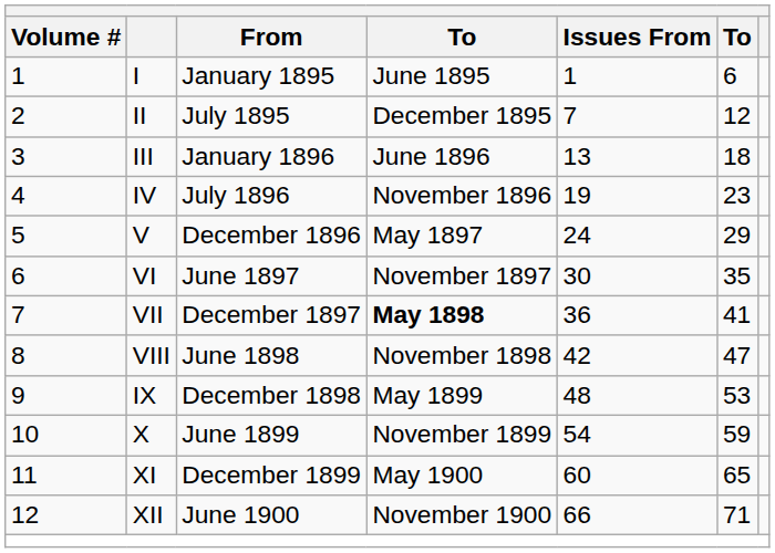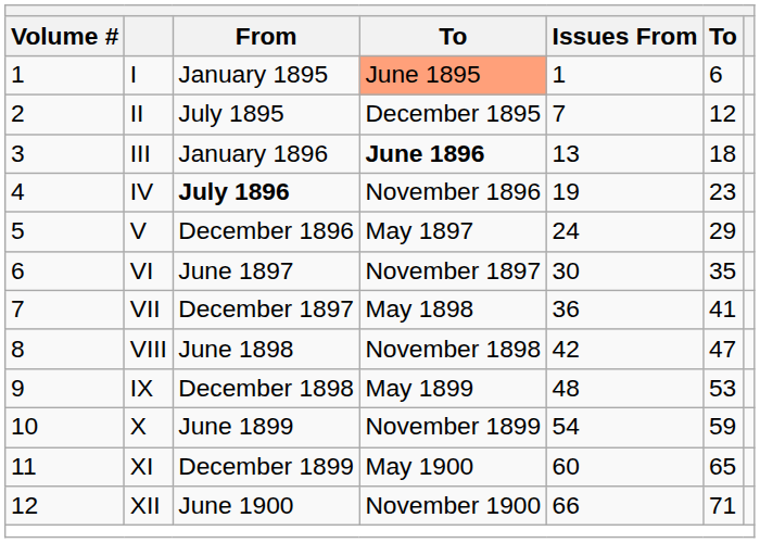 <table class="wikitable">
 <tr>
 <th colspan=7></th>
 </tr>
 <tr>
 <th>Volume #</th>
 <th></th>
 <th>From</th>
 <th>To</th>
 <th>Issues From</th>
 <th>To</th>
 <th></th>
 </tr>
 <tr>
 <td>1</td>
 <td>I</td>
 <td>January 1895</td>
-<td>June 1895</td>
+<td style="background: lightsalmon;">June 1895</td>
 <td>1</td>
 <td>6</td>
 <td></td>
 </tr>
 <tr>
 <td>2</td>
 <td>II</td>
 <td>July 1895</td>
 <td>December 1895</td>
 <td>7</td>
 <td>12</td>
 <td></td>
 </tr>
 <tr>
 <td>3</td>
 <td>III</td>
 <td>January 1896</td>
-<td>June 1896</td>
+<td><strong>June 1896</strong></td>
 <td>13</td>
 <td>18</td>
 <td></td>
 </tr>
 <tr>
 <td>4</td>
 <td>IV</td>
-<td>July 1896</td>
+<td><strong>July 1896</strong></td>
 <td>November 1896</td>
 <td>19</td>
 <td>23</td>
 <td></td>
 </tr>
 <tr>
 <td>5</td>
 <td>V</td>
 <td>December 1896</td>
 <td>May 1897</td>
 <td>24</td>
 <td>29</td>
 <td></td>
 </tr>
 <tr>
 <td>6</td>
 <td>VI</td>
 <td>June 1897</td>
 <td>November 1897</td>
 <td>30</td>
 <td>35</td>
 <td></td>
 </tr>
 <tr>
 <td>7</td>
 <td>VII</td>
 <td>December 1897</td>
-<td><strong>May 1898</strong></td>
+<td>May 1898</td>
 <td>36</td>
 <td>41</td>
 <td></td>
 </tr>
 <tr>
 <td>8</td>
 <td>VIII</td>
 <td>June 1898</td>
 <td>November 1898</td>
 <td>42</td>
 <td>47</td>
 <td></td>
 </tr>
 <tr>
 <td>9</td>
 <td>IX</td>
 <td>December 1898</td>
 <td>May 1899</td>
 <td>48</td>
 <td>53</td>
 <td></td>
 </tr>
 <tr>
 <td>10</td>
 <td>X</td>
 <td>June 1899</td>
 <td>November 1899</td>
 <td>54</td>
 <td>59</td>
 <td></td>
 </tr>
 <tr>
 <td>11</td>
 <td>XI</td>
 <td>December 1899</td>
 <td>May 1900</td>
 <td>60</td>
 <td>65</td>
 <td></td>
 </tr>
 <tr>
 <td>12</td>
 <td>XII</td>
 <td>June 1900</td>
 <td>November 1900</td>
 <td>66</td>
 <td>71</td>
 <td></td>
 </tr>
 <tr>
 <td colspan=7 bgcolor="white"></td>
 </tr>
 </table>
